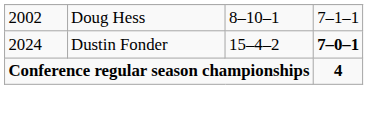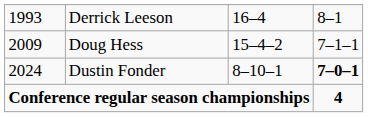 <table class="wikitable" style="font-size:100%;" style="text-align: center;">
 <tr>
 </tr>
 <tr>
-<td>2002</td>
+<td>1993</td>
+<td>Derrick Leeson</td>
+<td>16–4</td>
+<td>8–1</td>
+</tr>
+<tr>
+<td>2009</td>
 <td>Doug Hess</td>
-<td>8–10–1</td>
+<td>15–4–2</td>
 <td>7–1–1</td>
 </tr>
 <tr>
 <td>2024</td>
 <td>Dustin Fonder</td>
-<td>15–4–2</td>
+<td>8–10–1</td>
 <td><strong>7–0–1</strong></td>
 </tr>
 <tr style="text-align:center; ">
 <td colspan="3"><strong>Conference regular season championships</strong></td>
 <td colspan="1"><strong>4</strong></td>
 </tr>
 </table>
